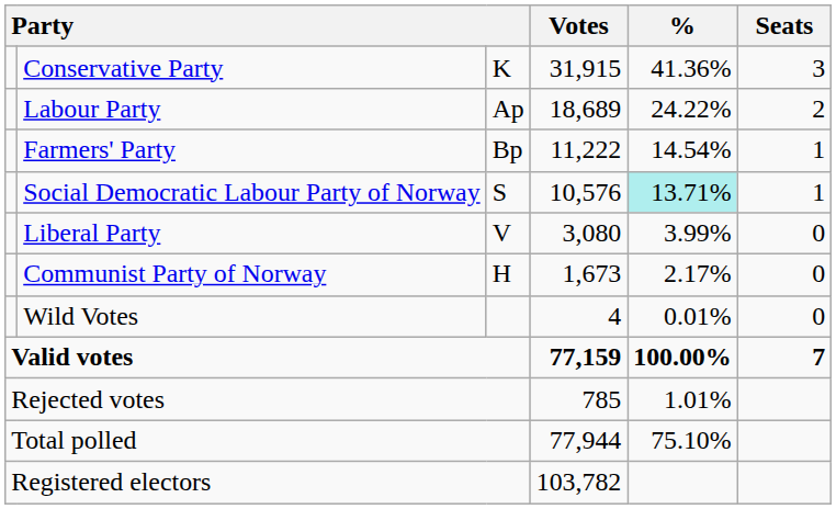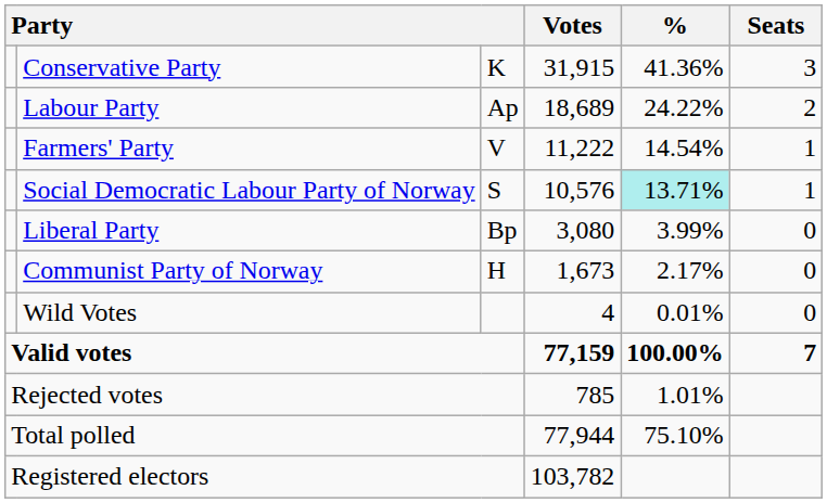 <table class="wikitable" border="1" style="text-align:right;">
 <tr>
 <th style="text-align:left;" colspan=3>Party</th>
 <th align=center width="50">Votes</th>
 <th align=center width="50">%</th>
 <th align=center width="50">Seats</th>
 </tr>
 <tr>
 <td style="color:inherit;background:"></td>
 <td align=left><a href='#'>Conservative Party</a></td>
 <td align=left>K</td>
 <td>31,915</td>
 <td>41.36%</td>
 <td>3</td>
 </tr>
 <tr>
 <td style="color:inherit;background:"></td>
 <td align=left><a href='#'>Labour Party</a></td>
 <td align=left>Ap</td>
 <td>18,689</td>
 <td>24.22%</td>
 <td>2</td>
 </tr>
 <tr>
 <td style="color:inherit;background:"></td>
 <td align=left><a href='#'>Farmers' Party</a></td>
-<td align=left>Bp</td>
+<td align=left>V</td>
 <td>11,222</td>
 <td>14.54%</td>
 <td>1</td>
 </tr>
 <tr>
 <td style="color:inherit;background:"></td>
 <td align=left><a href='#'>Social Democratic Labour Party of Norway</a></td>
 <td align=left>S</td>
 <td>10,576</td>
 <td style="background: paleturquoise;">13.71%</td>
 <td>1</td>
 </tr>
 <tr>
 <td style="color:inherit;background:"></td>
 <td align=left><a href='#'>Liberal Party</a></td>
-<td align=left>V</td>
+<td align=left>Bp</td>
 <td>3,080</td>
 <td>3.99%</td>
 <td>0</td>
 </tr>
 <tr>
 <td style="color:inherit;background:"></td>
 <td align=left><a href='#'>Communist Party of Norway</a></td>
 <td align=left>H</td>
 <td>1,673</td>
 <td>2.17%</td>
 <td>0</td>
 </tr>
 <tr>
 <td></td>
 <td align=left>Wild Votes</td>
 <td align=left></td>
 <td>4</td>
 <td>0.01%</td>
 <td>0</td>
 </tr>
 <tr style="font-weight:bold">
 <td align=left colspan=3>Valid votes</td>
 <td>77,159</td>
 <td>100.00%</td>
 <td>7</td>
 </tr>
 <tr>
 <td align=left colspan=3>Rejected votes</td>
 <td>785</td>
 <td>1.01%</td>
 <td></td>
 </tr>
 <tr>
 <td align=left colspan=3>Total polled</td>
 <td>77,944</td>
 <td>75.10%</td>
 <td></td>
 </tr>
 <tr>
 <td align=left colspan=3>Registered electors</td>
 <td>103,782</td>
 <td></td>
 <td></td>
 </tr>
 </table>
